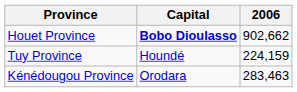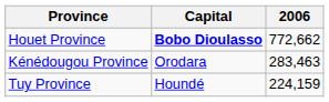 <table class="wikitable" | style="clear:right; float:right;">
 <tr>
 <th>Province</th>
 <th>Capital</th>
 <th>2006</th>
 </tr>
 <tr>
 <td><a href='#'>Houet Province</a></td>
 <td><strong><a href='#'>Bobo Dioulasso</a></strong></td>
-<td>902,662</td>
+<td>772,662</td>
+</tr>
+<tr>
+<td><a href='#'>Kénédougou Province</a></td>
+<td><a href='#'>Orodara</a></td>
+<td>283,463</td>
 </tr>
 <tr>
 <td><a href='#'>Tuy Province</a></td>
 <td><a href='#'>Houndé</a></td>
 <td>224,159</td>
 </tr>
-<tr>
-<td><a href='#'>Kénédougou Province</a></td>
-<td><a href='#'>Orodara</a></td>
-<td>283,463</td>
-</tr>
 </table>
